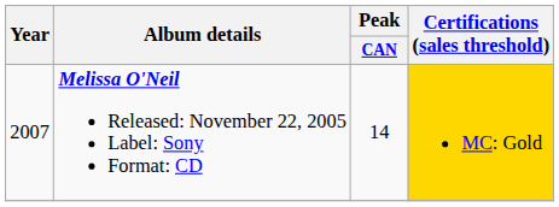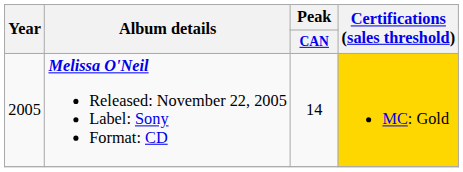 <table class="wikitable" style="text-align:center;">
 <tr>
 <th rowspan="2">Year</th>
 <th rowspan="2">Album details</th>
 <th colspan="1">Peak</th>
 <th rowspan="2"><a href='#'>Certifications</a><br>(<a href='#'>sales threshold</a>)</th>
 </tr>
 <tr style="font-size:smaller;">
 <th width="40"><a href='#'>CAN</a></th>
 </tr>
 <tr>
-<td>2007</td>
+<td>2005</td>
 <td align="left"><strong><em><a href='#'>Melissa O'Neil</a></em></strong><br><ul><li>Released: November 22, 2005</li><li>Label: <a href='#'>Sony</a></li><li>Format: <a href='#'>CD</a></li></ul></td>
 <td>14</td>
 <td align="left" style="background: gold;"><br><ul><li><a href='#'>MC</a>: Gold</li></ul></td>
 </tr>
 <tr>
 </tr>
 </table>
